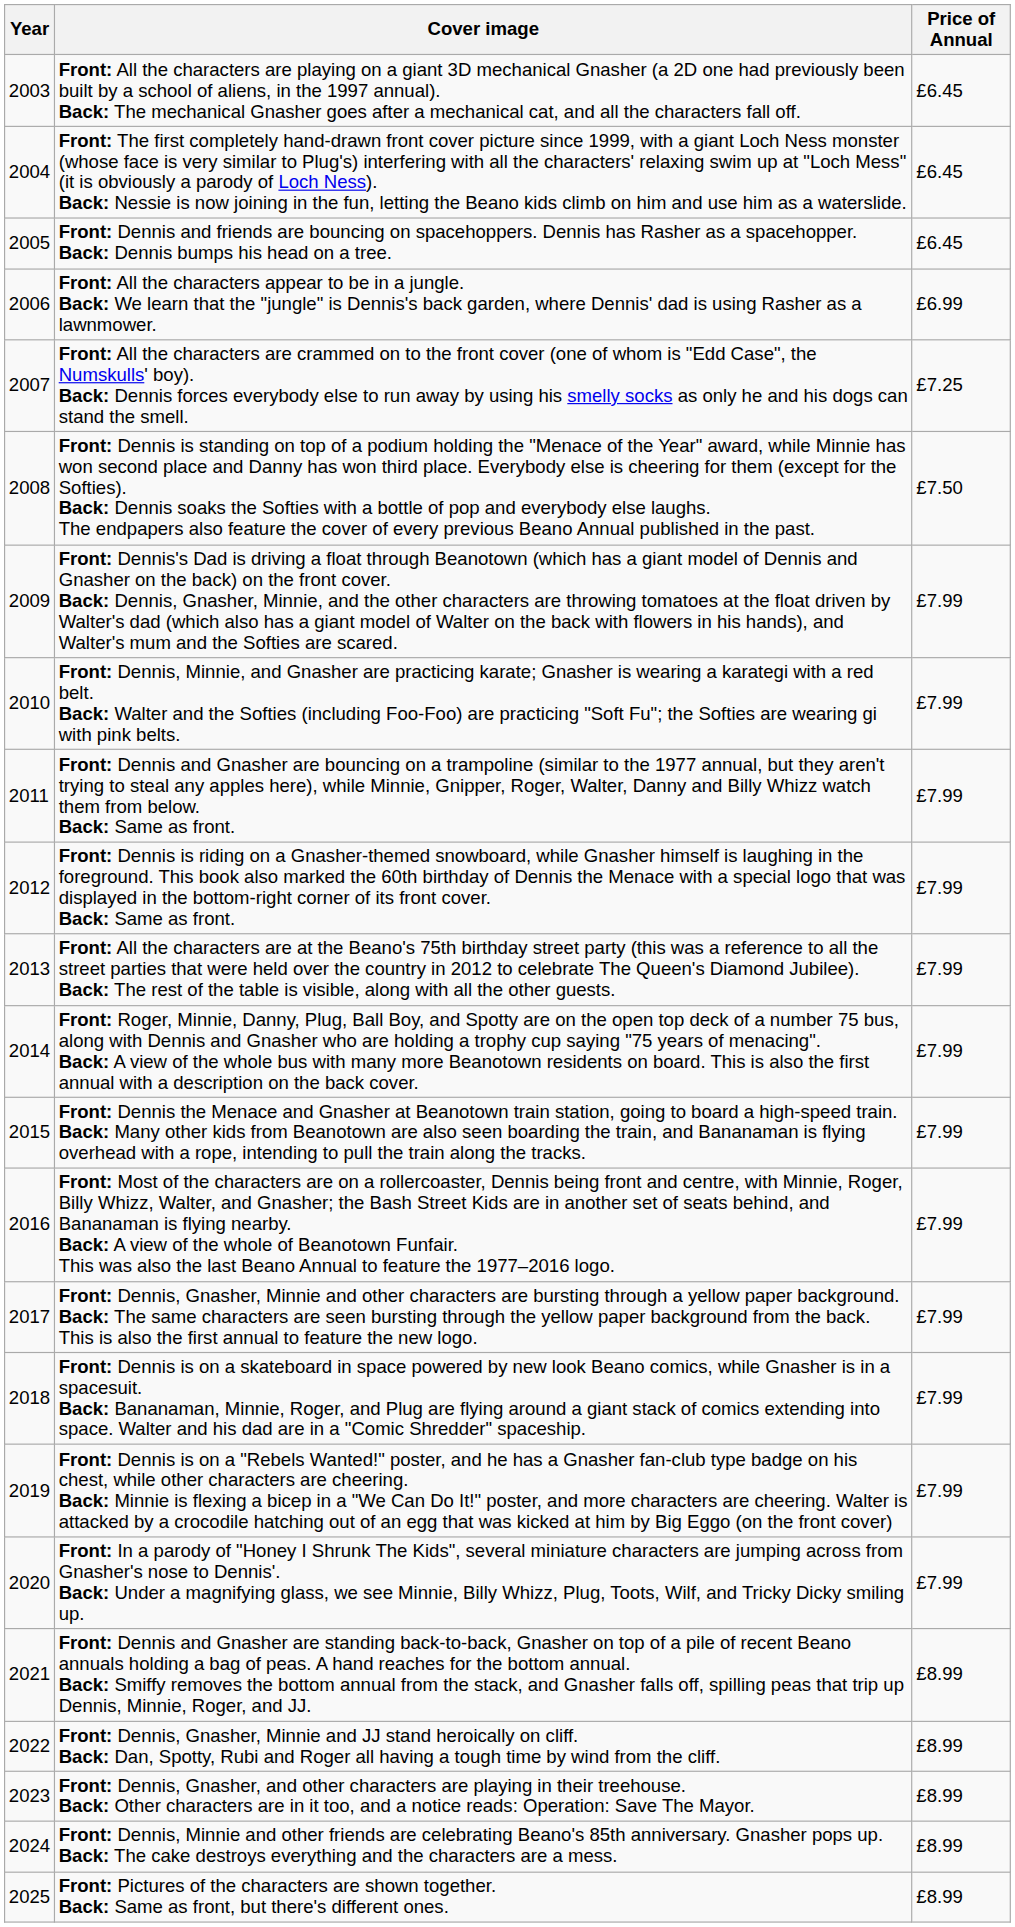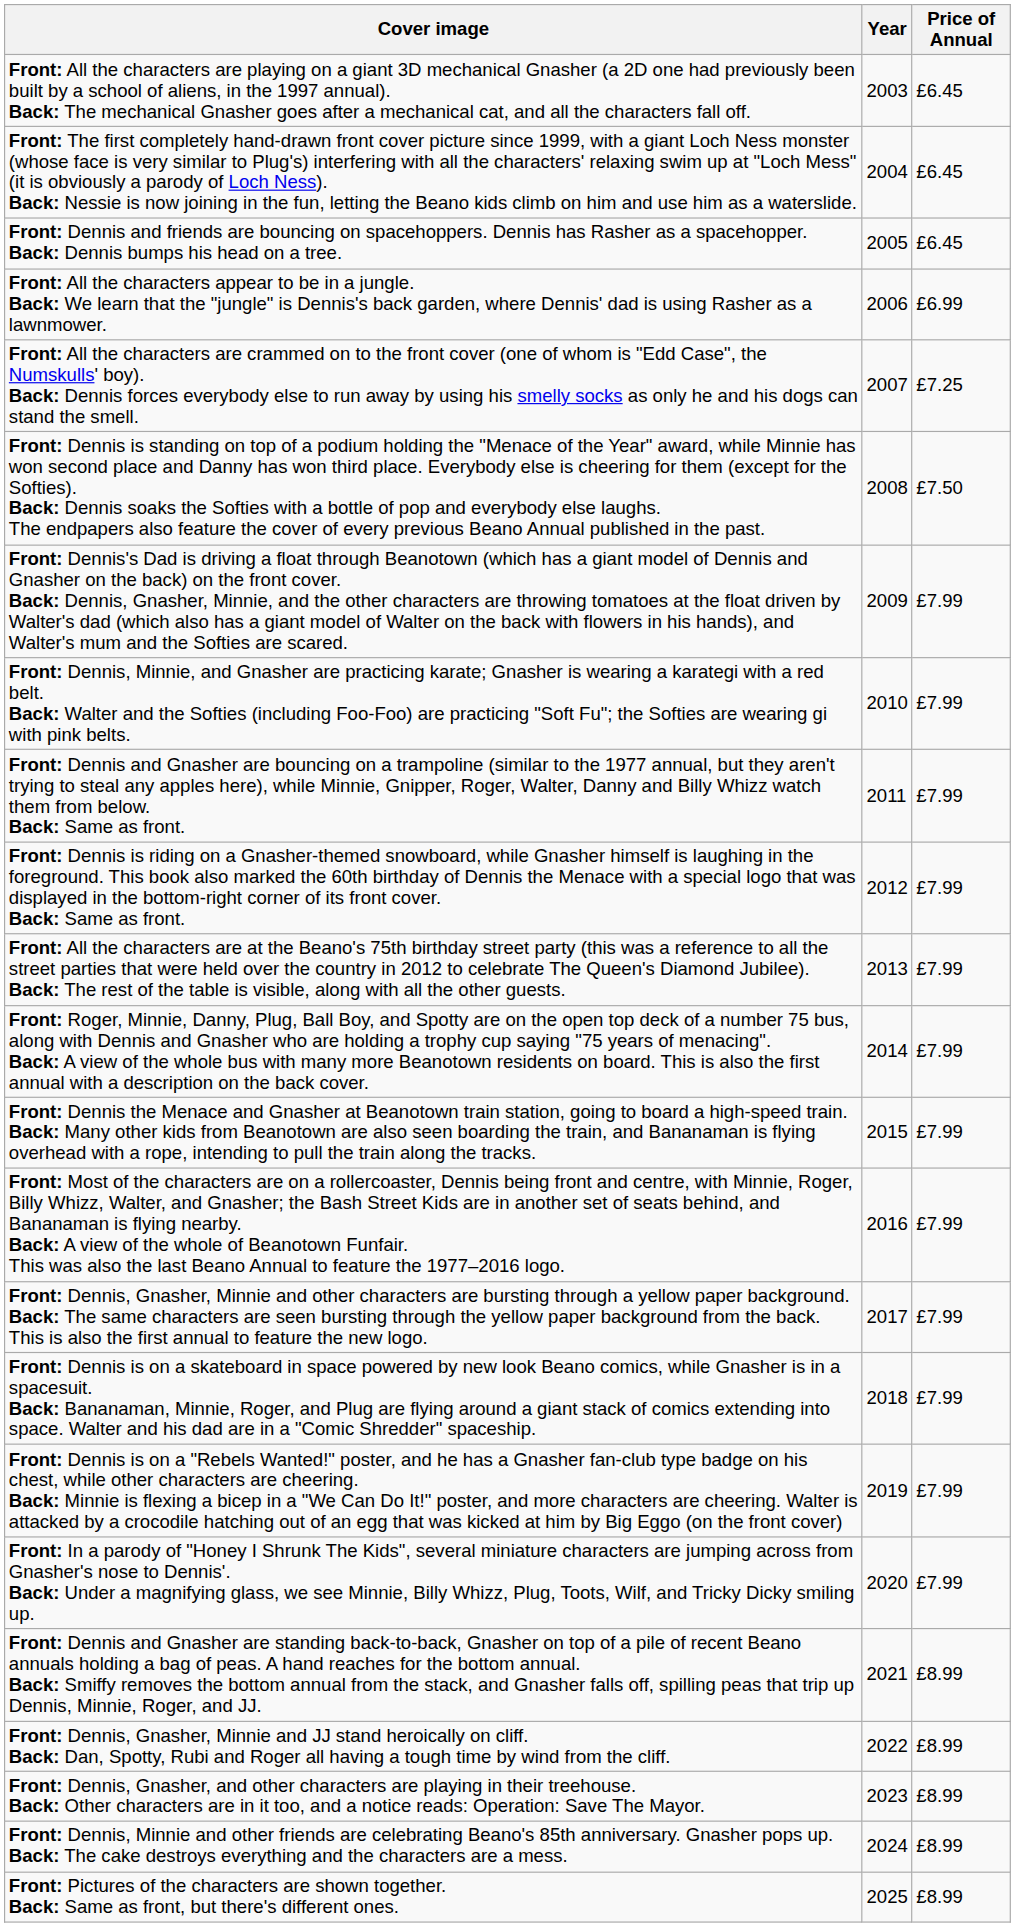 <table class="wikitable">
 <tr>
+<th>Cover image</th>
 <th>Year</th>
-<th>Cover image</th>
 <th>Price of Annual</th>
 </tr>
 <tr>
+<td><strong>Front:</strong> All the characters are playing on a giant 3D mechanical Gnasher (a 2D one had previously been built by a school of aliens, in the 1997 annual). <br><strong>Back:</strong> The mechanical Gnasher goes after a mechanical cat, and all the characters fall off.</td>
 <td>2003</td>
-<td><strong>Front:</strong> All the characters are playing on a giant 3D mechanical Gnasher (a 2D one had previously been built by a school of aliens, in the 1997 annual). <br><strong>Back:</strong> The mechanical Gnasher goes after a mechanical cat, and all the characters fall off.</td>
 <td>£6.45</td>
 </tr>
 <tr>
+<td><strong>Front:</strong> The first completely hand-drawn front cover picture since 1999, with a giant Loch Ness monster (whose face is very similar to Plug's) interfering with all the characters' relaxing swim up at "Loch Mess" (it is obviously a parody of <a href='#'>Loch Ness</a>). <br><strong>Back:</strong> Nessie is now joining in the fun, letting the Beano kids climb on him and use him as a waterslide.</td>
 <td>2004</td>
-<td><strong>Front:</strong> The first completely hand-drawn front cover picture since 1999, with a giant Loch Ness monster (whose face is very similar to Plug's) interfering with all the characters' relaxing swim up at "Loch Mess" (it is obviously a parody of <a href='#'>Loch Ness</a>). <br><strong>Back:</strong> Nessie is now joining in the fun, letting the Beano kids climb on him and use him as a waterslide.</td>
 <td>£6.45</td>
 </tr>
 <tr>
+<td><strong>Front:</strong> Dennis and friends are bouncing on spacehoppers. Dennis has Rasher as a spacehopper. <br><strong>Back:</strong> Dennis bumps his head on a tree.</td>
 <td>2005</td>
-<td><strong>Front:</strong> Dennis and friends are bouncing on spacehoppers. Dennis has Rasher as a spacehopper. <br><strong>Back:</strong> Dennis bumps his head on a tree.</td>
 <td>£6.45</td>
 </tr>
 <tr>
+<td><strong>Front:</strong> All the characters appear to be in a jungle. <br><strong>Back:</strong> We learn that the "jungle" is Dennis's back garden, where Dennis' dad is using Rasher as a lawnmower.</td>
 <td>2006</td>
-<td><strong>Front:</strong> All the characters appear to be in a jungle. <br><strong>Back:</strong> We learn that the "jungle" is Dennis's back garden, where Dennis' dad is using Rasher as a lawnmower.</td>
 <td>£6.99</td>
 </tr>
 <tr>
+<td><strong>Front:</strong> All the characters are crammed on to the front cover (one of whom is "Edd Case", the <a href='#'>Numskulls</a>' boy). <br><strong>Back:</strong> Dennis forces everybody else to run away by using his <a href='#'>smelly socks</a> as only he and his dogs can stand the smell.</td>
 <td>2007</td>
-<td><strong>Front:</strong> All the characters are crammed on to the front cover (one of whom is "Edd Case", the <a href='#'>Numskulls</a>' boy). <br><strong>Back:</strong> Dennis forces everybody else to run away by using his <a href='#'>smelly socks</a> as only he and his dogs can stand the smell.</td>
 <td>£7.25</td>
 </tr>
 <tr>
+<td><strong>Front:</strong> Dennis is standing on top of a podium holding the "Menace of the Year" award, while Minnie has won second place and Danny has won third place. Everybody else is cheering for them (except for the Softies). <br><strong>Back:</strong> Dennis soaks the Softies with a bottle of pop and everybody else laughs. <br>The endpapers also feature the cover of every previous Beano Annual published in the past.</td>
 <td>2008</td>
-<td><strong>Front:</strong> Dennis is standing on top of a podium holding the "Menace of the Year" award, while Minnie has won second place and Danny has won third place. Everybody else is cheering for them (except for the Softies). <br><strong>Back:</strong> Dennis soaks the Softies with a bottle of pop and everybody else laughs. <br>The endpapers also feature the cover of every previous Beano Annual published in the past.</td>
 <td>£7.50</td>
 </tr>
 <tr>
+<td><strong>Front:</strong> Dennis's Dad is driving a float through Beanotown (which has a giant model of Dennis and Gnasher on the back) on the front cover. <br><strong>Back:</strong> Dennis, Gnasher, Minnie, and the other characters are throwing tomatoes at the float driven by Walter's dad (which also has a giant model of Walter on the back with flowers in his hands), and Walter's mum and the Softies are scared.</td>
 <td>2009</td>
-<td><strong>Front:</strong> Dennis's Dad is driving a float through Beanotown (which has a giant model of Dennis and Gnasher on the back) on the front cover. <br><strong>Back:</strong> Dennis, Gnasher, Minnie, and the other characters are throwing tomatoes at the float driven by Walter's dad (which also has a giant model of Walter on the back with flowers in his hands), and Walter's mum and the Softies are scared.</td>
 <td>£7.99 </td>
 </tr>
 <tr>
+<td><strong>Front:</strong> Dennis, Minnie, and Gnasher are practicing karate; Gnasher is wearing a karategi with a red belt. <br><strong>Back:</strong> Walter and the Softies (including Foo-Foo) are practicing "Soft Fu"; the Softies are wearing gi with pink belts.</td>
 <td>2010</td>
-<td><strong>Front:</strong> Dennis, Minnie, and Gnasher are practicing karate; Gnasher is wearing a karategi with a red belt. <br><strong>Back:</strong> Walter and the Softies (including Foo-Foo) are practicing "Soft Fu"; the Softies are wearing gi with pink belts.</td>
 <td>£7.99</td>
 </tr>
 <tr>
+<td><strong>Front:</strong> Dennis and Gnasher are bouncing on a trampoline (similar to the 1977 annual, but they aren't trying to steal any apples here), while Minnie, Gnipper, Roger, Walter, Danny and Billy Whizz watch them from below. <br><strong>Back:</strong> Same as front.</td>
 <td>2011</td>
-<td><strong>Front:</strong> Dennis and Gnasher are bouncing on a trampoline (similar to the 1977 annual, but they aren't trying to steal any apples here), while Minnie, Gnipper, Roger, Walter, Danny and Billy Whizz watch them from below. <br><strong>Back:</strong> Same as front.</td>
 <td>£7.99</td>
 </tr>
 <tr>
+<td><strong>Front:</strong> Dennis is riding on a Gnasher-themed snowboard, while Gnasher himself is laughing in the foreground. This book also marked the 60th birthday of Dennis the Menace with a special logo that was displayed in the bottom-right corner of its front cover. <br><strong>Back:</strong> Same as front.</td>
 <td>2012</td>
-<td><strong>Front:</strong> Dennis is riding on a Gnasher-themed snowboard, while Gnasher himself is laughing in the foreground. This book also marked the 60th birthday of Dennis the Menace with a special logo that was displayed in the bottom-right corner of its front cover. <br><strong>Back:</strong> Same as front.</td>
 <td>£7.99</td>
 </tr>
 <tr>
+<td><strong>Front:</strong> All the characters are at the Beano's 75th birthday street party (this was a reference to all the street parties that were held over the country in 2012 to celebrate The Queen's Diamond Jubilee). <br><strong>Back:</strong> The rest of the table is visible, along with all the other guests.</td>
 <td>2013</td>
-<td><strong>Front:</strong> All the characters are at the Beano's 75th birthday street party (this was a reference to all the street parties that were held over the country in 2012 to celebrate The Queen's Diamond Jubilee). <br><strong>Back:</strong> The rest of the table is visible, along with all the other guests.</td>
 <td>£7.99</td>
 </tr>
 <tr>
+<td><strong>Front:</strong> Roger, Minnie, Danny, Plug, Ball Boy, and Spotty are on the open top deck of a number 75 bus, along with Dennis and Gnasher who are holding a trophy cup saying "75 years of menacing". <br><strong>Back:</strong> A view of the whole bus with many more Beanotown residents on board. This is also the first annual with a description on the back cover.</td>
 <td>2014</td>
-<td><strong>Front:</strong> Roger, Minnie, Danny, Plug, Ball Boy, and Spotty are on the open top deck of a number 75 bus, along with Dennis and Gnasher who are holding a trophy cup saying "75 years of menacing". <br><strong>Back:</strong> A view of the whole bus with many more Beanotown residents on board. This is also the first annual with a description on the back cover.</td>
 <td>£7.99</td>
 </tr>
 <tr>
+<td><strong>Front:</strong> Dennis the Menace and Gnasher at Beanotown train station, going to board a high-speed train. <br><strong>Back:</strong> Many other kids from Beanotown are also seen boarding the train, and Bananaman is flying overhead with a rope, intending to pull the train along the tracks.</td>
 <td>2015</td>
-<td><strong>Front:</strong> Dennis the Menace and Gnasher at Beanotown train station, going to board a high-speed train. <br><strong>Back:</strong> Many other kids from Beanotown are also seen boarding the train, and Bananaman is flying overhead with a rope, intending to pull the train along the tracks.</td>
 <td>£7.99</td>
 </tr>
 <tr>
+<td><strong>Front:</strong> Most of the characters are on a rollercoaster, Dennis being front and centre, with Minnie, Roger, Billy Whizz, Walter, and Gnasher; the Bash Street Kids are in another set of seats behind, and Bananaman is flying nearby. <br><strong>Back:</strong> A view of the whole of Beanotown Funfair. <br>This was also the last Beano Annual to feature the 1977–2016 logo.</td>
 <td>2016</td>
-<td><strong>Front:</strong> Most of the characters are on a rollercoaster, Dennis being front and centre, with Minnie, Roger, Billy Whizz, Walter, and Gnasher; the Bash Street Kids are in another set of seats behind, and Bananaman is flying nearby. <br><strong>Back:</strong> A view of the whole of Beanotown Funfair. <br>This was also the last Beano Annual to feature the 1977–2016 logo.</td>
 <td>£7.99</td>
 </tr>
 <tr>
+<td><strong>Front:</strong> Dennis, Gnasher, Minnie and other characters are bursting through a yellow paper background. <br><strong>Back:</strong> The same characters are seen bursting through the yellow paper background from the back. <br>This is also the first annual to feature the new logo.</td>
 <td>2017</td>
-<td><strong>Front:</strong> Dennis, Gnasher, Minnie and other characters are bursting through a yellow paper background. <br><strong>Back:</strong> The same characters are seen bursting through the yellow paper background from the back. <br>This is also the first annual to feature the new logo.</td>
 <td>£7.99</td>
 </tr>
 <tr>
+<td><strong>Front:</strong> Dennis is on a skateboard in space powered by new look Beano comics, while Gnasher is in a spacesuit. <br><strong>Back:</strong> Bananaman, Minnie, Roger, and Plug are flying around a giant stack of comics extending into space. Walter and his dad are in a "Comic Shredder" spaceship.</td>
 <td>2018</td>
-<td><strong>Front:</strong> Dennis is on a skateboard in space powered by new look Beano comics, while Gnasher is in a spacesuit. <br><strong>Back:</strong> Bananaman, Minnie, Roger, and Plug are flying around a giant stack of comics extending into space. Walter and his dad are in a "Comic Shredder" spaceship.</td>
 <td>£7.99</td>
 </tr>
 <tr>
+<td><strong>Front:</strong> Dennis is on a "Rebels Wanted!" poster, and he has a Gnasher fan-club type badge on his chest, while other characters are cheering. <br><strong>Back:</strong> Minnie is flexing a bicep in a "We Can Do It!" poster, and more characters are cheering. Walter is attacked by a crocodile hatching out of an egg that was kicked at him by Big Eggo (on the front cover)</td>
 <td>2019</td>
-<td><strong>Front:</strong> Dennis is on a "Rebels Wanted!" poster, and he has a Gnasher fan-club type badge on his chest, while other characters are cheering. <br><strong>Back:</strong> Minnie is flexing a bicep in a "We Can Do It!" poster, and more characters are cheering. Walter is attacked by a crocodile hatching out of an egg that was kicked at him by Big Eggo (on the front cover)</td>
 <td>£7.99</td>
 </tr>
 <tr>
+<td><strong>Front:</strong> In a parody of "Honey I Shrunk The Kids", several miniature characters are jumping across from Gnasher's nose to Dennis'. <br><strong>Back:</strong> Under a magnifying glass, we see Minnie, Billy Whizz, Plug, Toots, Wilf, and Tricky Dicky smiling up.</td>
 <td>2020</td>
-<td><strong>Front:</strong> In a parody of "Honey I Shrunk The Kids", several miniature characters are jumping across from Gnasher's nose to Dennis'. <br><strong>Back:</strong> Under a magnifying glass, we see Minnie, Billy Whizz, Plug, Toots, Wilf, and Tricky Dicky smiling up.</td>
 <td>£7.99</td>
 </tr>
 <tr>
+<td><strong>Front:</strong> Dennis and Gnasher are standing back-to-back, Gnasher on top of a pile of recent Beano annuals holding a bag of peas. A hand reaches for the bottom annual. <br><strong>Back:</strong> Smiffy removes the bottom annual from the stack, and Gnasher falls off, spilling peas that trip up Dennis, Minnie, Roger, and JJ.</td>
 <td>2021</td>
-<td><strong>Front:</strong> Dennis and Gnasher are standing back-to-back, Gnasher on top of a pile of recent Beano annuals holding a bag of peas. A hand reaches for the bottom annual. <br><strong>Back:</strong> Smiffy removes the bottom annual from the stack, and Gnasher falls off, spilling peas that trip up Dennis, Minnie, Roger, and JJ.</td>
 <td>£8.99</td>
 </tr>
 <tr>
+<td><strong>Front:</strong> Dennis, Gnasher, Minnie and JJ stand heroically on cliff. <br><strong>Back:</strong> Dan, Spotty, Rubi and Roger all having a tough time by wind from the cliff.</td>
 <td>2022</td>
-<td><strong>Front:</strong> Dennis, Gnasher, Minnie and JJ stand heroically on cliff. <br><strong>Back:</strong> Dan, Spotty, Rubi and Roger all having a tough time by wind from the cliff.</td>
 <td>£8.99</td>
 </tr>
 <tr>
+<td><strong>Front:</strong> Dennis, Gnasher, and other characters are playing in their treehouse.<br><strong>Back:</strong> Other characters are in it too, and a notice reads: Operation: Save The Mayor.</td>
 <td>2023</td>
-<td><strong>Front:</strong> Dennis, Gnasher, and other characters are playing in their treehouse.<br><strong>Back:</strong> Other characters are in it too, and a notice reads: Operation: Save The Mayor.</td>
 <td>£8.99</td>
 </tr>
 <tr>
+<td><strong>Front:</strong> Dennis, Minnie and other friends are celebrating Beano's 85th anniversary. Gnasher pops up.<br><strong>Back:</strong> The cake destroys everything and the characters are a mess.</td>
 <td>2024</td>
-<td><strong>Front:</strong> Dennis, Minnie and other friends are celebrating Beano's 85th anniversary. Gnasher pops up.<br><strong>Back:</strong> The cake destroys everything and the characters are a mess.</td>
 <td>£8.99</td>
 </tr>
 <tr>
+<td><strong>Front:</strong> Pictures of the characters are shown together. <br> <strong>Back:</strong> Same as front, but there's different ones.</td>
 <td>2025</td>
-<td><strong>Front:</strong> Pictures of the characters are shown together. <br> <strong>Back:</strong> Same as front, but there's different ones.</td>
 <td>£8.99</td>
 </tr>
 </table>
